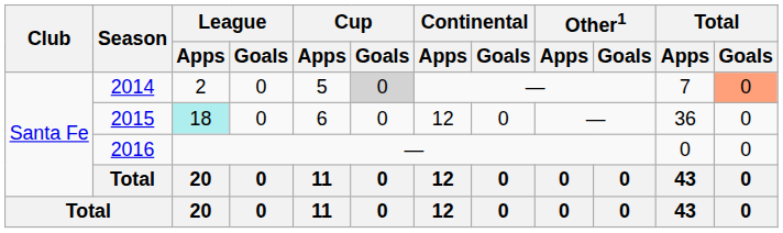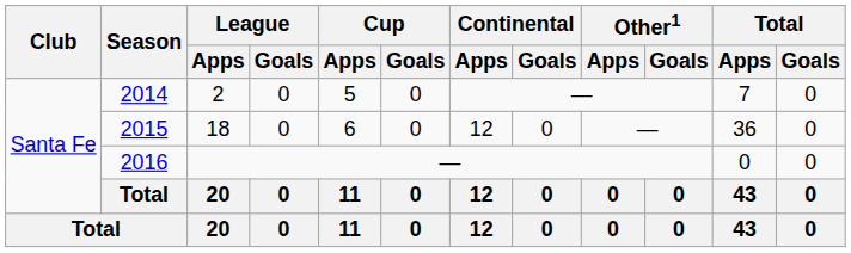 <table class="wikitable" style="text-align: center">
 <tr>
 <th rowspan=2>Club</th>
 <th rowspan=2>Season</th>
 <th colspan=2>League</th>
 <th colspan=2>Cup</th>
 <th colspan=2>Continental</th>
 <th colspan=2>Other<sup>1</sup></th>
 <th colspan=2>Total</th>
 </tr>
 <tr>
 <th>Apps</th>
 <th>Goals</th>
 <th>Apps</th>
 <th>Goals</th>
 <th>Apps</th>
 <th>Goals</th>
 <th>Apps</th>
 <th>Goals</th>
 <th>Apps</th>
 <th>Goals</th>
 </tr>
 <tr>
 <td rowspan=4><a href='#'>Santa Fe</a></td>
 <td><a href='#'>2014</a></td>
 <td>2</td>
 <td>0</td>
 <td>5</td>
-<td style="background: lightgrey;">0</td>
+<td>0</td>
 <td colspan="4">—</td>
 <td>7</td>
-<td style="background: lightsalmon;">0</td>
+<td>0</td>
 </tr>
 <tr>
 <td><a href='#'>2015</a></td>
-<td style="background: paleturquoise;">18</td>
+<td>18</td>
 <td>0</td>
 <td>6</td>
 <td>0</td>
 <td>12</td>
 <td>0</td>
 <td colspan="2">—</td>
 <td>36</td>
 <td>0</td>
 </tr>
 <tr>
 <td><a href='#'>2016</a></td>
 <td colspan="8">—</td>
 <td>0</td>
 <td>0</td>
 </tr>
 <tr>
 <th>Total</th>
 <th>20</th>
 <th>0</th>
 <th>11</th>
 <th>0</th>
 <th>12</th>
 <th>0</th>
 <th>0</th>
 <th>0</th>
 <th>43</th>
 <th>0</th>
 </tr>
 <tr>
 <th colspan=2>Total</th>
 <th>20</th>
 <th>0</th>
 <th>11</th>
 <th>0</th>
 <th>12</th>
 <th>0</th>
 <th>0</th>
 <th>0</th>
 <th>43</th>
 <th>0</th>
 </tr>
 </table>
